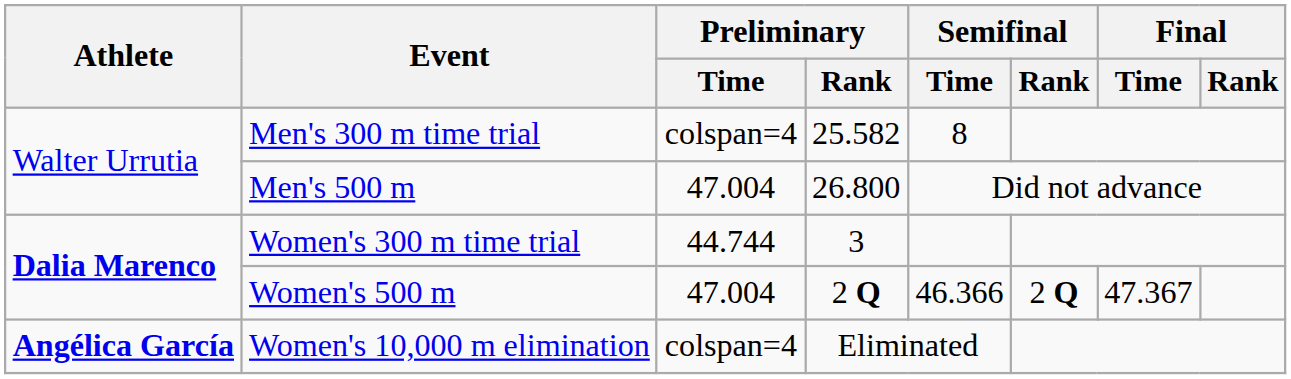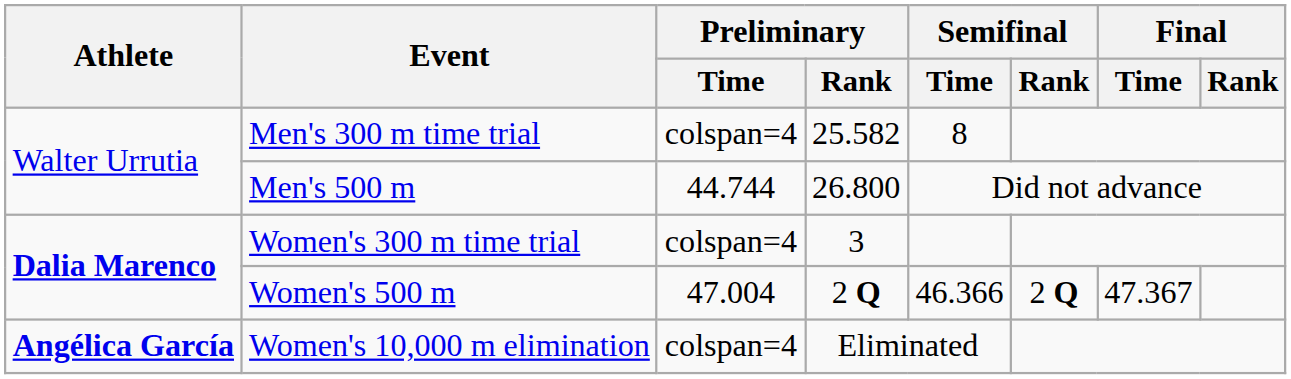 <table class=wikitable style=font-size:90%;text-align:center>
 <tr>
 <th rowspan=2>Athlete</th>
 <th rowspan=2>Event</th>
 <th colspan=2>Preliminary</th>
 <th colspan=2>Semifinal</th>
 <th colspan=2>Final</th>
 </tr>
 <tr style=font-size:95%>
 <th>Time</th>
 <th>Rank</th>
 <th>Time</th>
 <th>Rank</th>
 <th>Time</th>
 <th>Rank</th>
 </tr>
 <tr>
 <td style="text-align:left" rowspan=2><a href='#'>Walter Urrutia</a></td>
 <td style="text-align:left"><a href='#'>Men's 300 m time trial</a></td>
 <td>colspan=4 </td>
 <td>25.582</td>
 <td>8</td>
 </tr>
 <tr>
 <td style="text-align:left"><a href='#'>Men's 500 m</a></td>
-<td>47.004</td>
+<td>44.744</td>
 <td>26.800</td>
 <td colspan=4>Did not advance</td>
 </tr>
 <tr>
 <td style="text-align:left" rowspan=2><strong><a href='#'>Dalia Marenco</a></strong></td>
 <td style="text-align:left"><a href='#'>Women's 300 m time trial</a></td>
-<td>44.744</td>
+<td>colspan=4 </td>
 <td>3</td>
 <td></td>
 </tr>
 <tr>
 <td style="text-align:left"><a href='#'>Women's 500 m</a></td>
 <td>47.004</td>
 <td>2 <strong>Q</strong></td>
 <td>46.366</td>
 <td>2 <strong>Q</strong></td>
 <td>47.367</td>
 <td></td>
 </tr>
 <tr>
 <td style="text-align:left"><strong><a href='#'>Angélica García</a></strong></td>
 <td style="text-align:left"><a href='#'>Women's 10,000 m elimination</a></td>
 <td>colspan=4 </td>
 <td colspan=2>Eliminated</td>
 </tr>
 </table>
